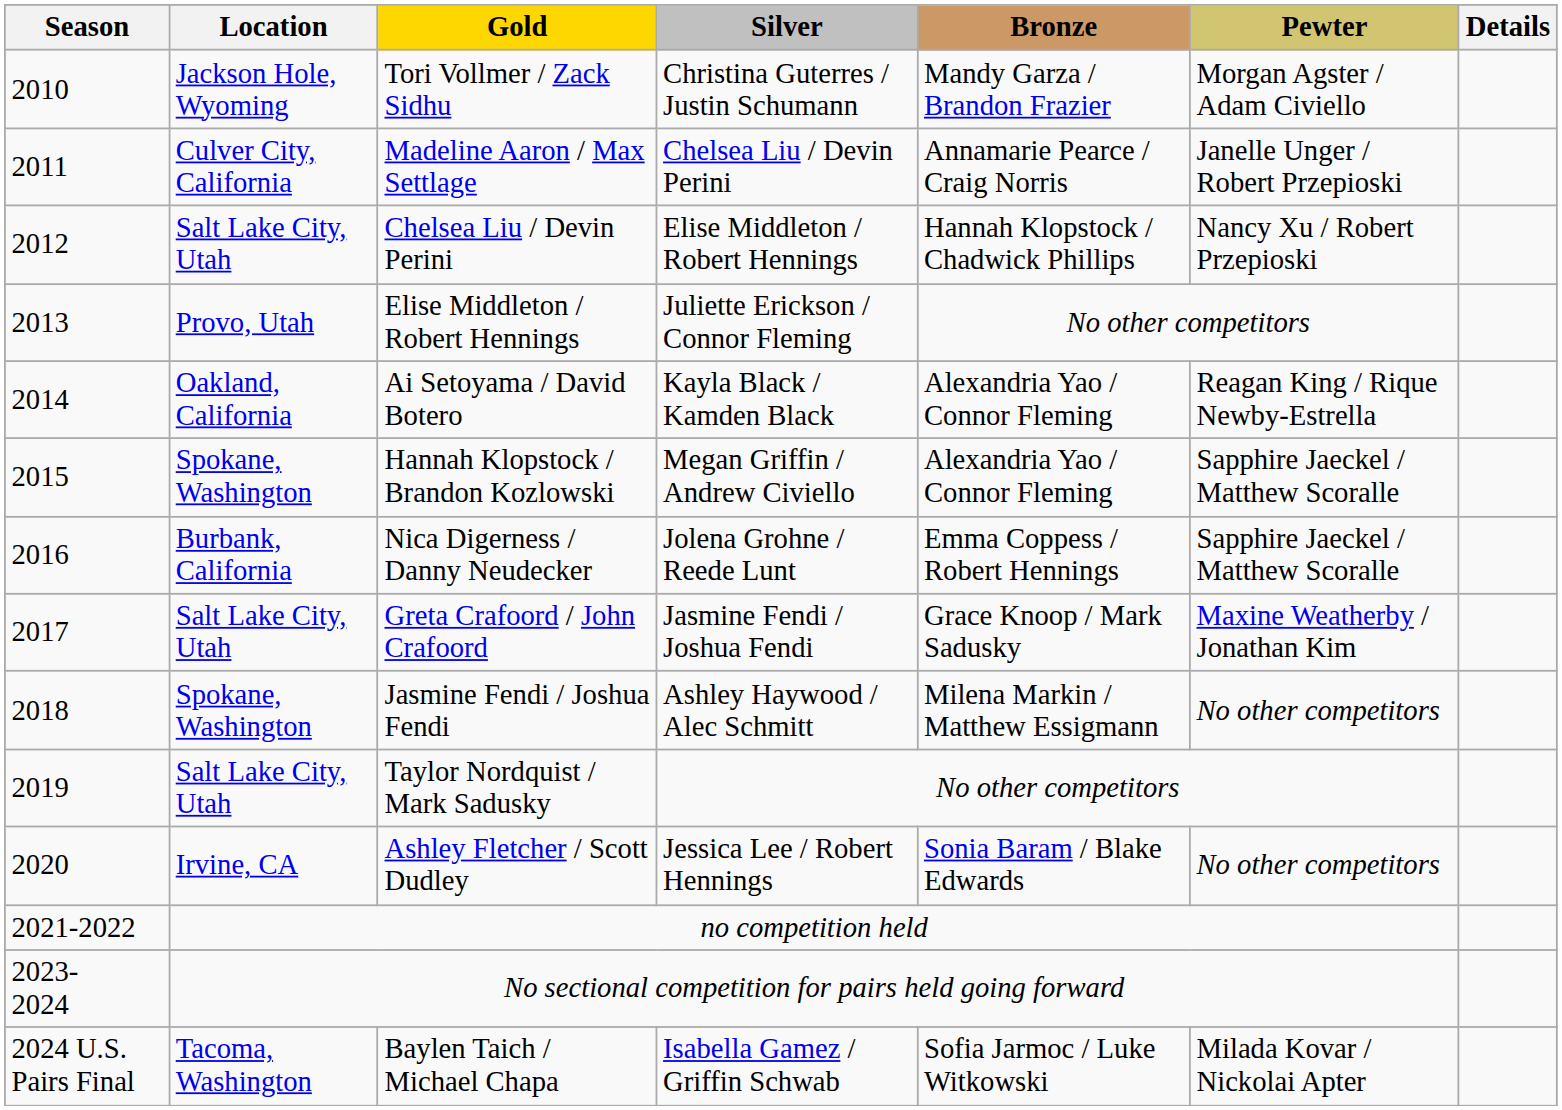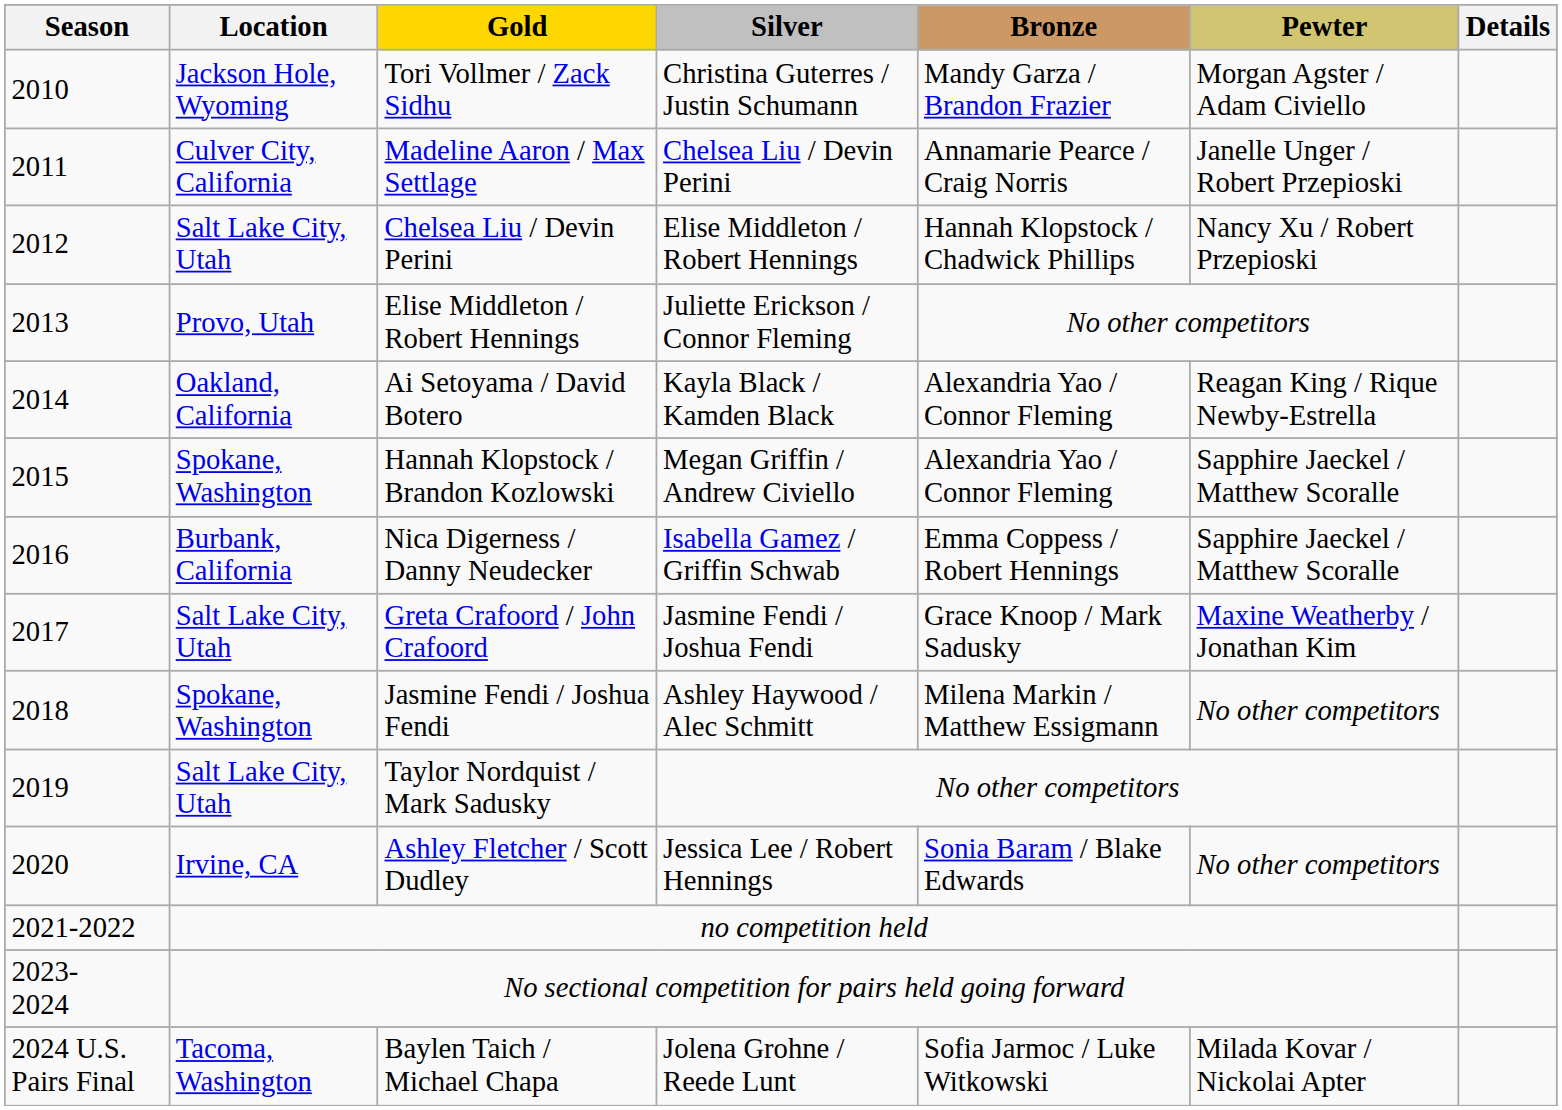 <table class="wikitable">
 <tr>
 <th>Season</th>
 <th>Location</th>
 <td align=center bgcolor=gold><strong>Gold</strong></td>
 <td align=center bgcolor=silver><strong>Silver</strong></td>
 <td align=center bgcolor=cc9966><strong>Bronze</strong></td>
 <td align=center bgcolor=d1c571><strong>Pewter</strong></td>
 <th>Details</th>
 </tr>
 <tr>
 <td>2010</td>
 <td><a href='#'>Jackson Hole, Wyoming</a></td>
 <td>Tori Vollmer / <a href='#'>Zack Sidhu</a></td>
 <td>Christina Guterres / Justin Schumann</td>
 <td>Mandy Garza / <a href='#'>Brandon Frazier</a></td>
 <td>Morgan Agster / Adam Civiello</td>
 <td></td>
 </tr>
 <tr>
 <td>2011</td>
 <td><a href='#'>Culver City, California</a></td>
 <td><a href='#'>Madeline Aaron</a> / <a href='#'>Max Settlage</a></td>
 <td><a href='#'>Chelsea Liu</a> / Devin Perini</td>
 <td>Annamarie Pearce / Craig Norris</td>
 <td>Janelle Unger / Robert Przepioski</td>
 <td></td>
 </tr>
 <tr>
 <td>2012</td>
 <td><a href='#'>Salt Lake City, Utah</a></td>
 <td><a href='#'>Chelsea Liu</a> / Devin Perini</td>
 <td>Elise Middleton / Robert Hennings</td>
 <td>Hannah Klopstock / Chadwick Phillips</td>
 <td>Nancy Xu / Robert Przepioski</td>
 <td></td>
 </tr>
 <tr>
 <td>2013</td>
 <td><a href='#'>Provo, Utah</a></td>
 <td>Elise Middleton / Robert Hennings</td>
 <td>Juliette Erickson / Connor Fleming</td>
 <td colspan="2" align=center><em>No other competitors</em></td>
 <td></td>
 </tr>
 <tr>
 <td>2014</td>
 <td><a href='#'>Oakland, California</a></td>
 <td>Ai Setoyama / David Botero</td>
 <td>Kayla Black / Kamden Black</td>
 <td>Alexandria Yao / Connor Fleming</td>
 <td>Reagan King / Rique Newby-Estrella</td>
 <td></td>
 </tr>
 <tr>
 <td>2015</td>
 <td><a href='#'>Spokane, Washington</a></td>
 <td>Hannah Klopstock / Brandon Kozlowski</td>
 <td>Megan Griffin / Andrew Civiello</td>
 <td>Alexandria Yao / Connor Fleming</td>
 <td>Sapphire Jaeckel / Matthew Scoralle</td>
 <td></td>
 </tr>
 <tr>
 <td>2016</td>
 <td><a href='#'>Burbank, California</a></td>
 <td>Nica Digerness / Danny Neudecker</td>
-<td>Jolena Grohne / Reede Lunt</td>
+<td><a href='#'>Isabella Gamez</a> / Griffin Schwab</td>
 <td>Emma Coppess / Robert Hennings</td>
 <td>Sapphire Jaeckel / Matthew Scoralle</td>
 <td></td>
 </tr>
 <tr>
 <td>2017</td>
 <td><a href='#'>Salt Lake City, Utah</a></td>
 <td><a href='#'>Greta Crafoord</a> / <a href='#'>John Crafoord</a></td>
 <td>Jasmine Fendi / Joshua Fendi</td>
 <td>Grace Knoop / Mark Sadusky</td>
 <td><a href='#'>Maxine Weatherby</a> / Jonathan Kim</td>
 <td></td>
 </tr>
 <tr>
 <td>2018</td>
 <td><a href='#'>Spokane, Washington</a></td>
 <td>Jasmine Fendi / Joshua Fendi</td>
 <td>Ashley Haywood / Alec Schmitt</td>
 <td>Milena Markin / Matthew Essigmann</td>
 <td><em>No other competitors</em></td>
 <td></td>
 </tr>
 <tr>
 <td>2019</td>
 <td><a href='#'>Salt Lake City, Utah</a></td>
 <td>Taylor Nordquist / Mark Sadusky</td>
 <td colspan="3" align=center><em>No other competitors</em></td>
 <td></td>
 </tr>
 <tr>
 <td>2020</td>
 <td><a href='#'>Irvine, CA</a></td>
 <td><a href='#'>Ashley Fletcher</a> / Scott Dudley</td>
 <td>Jessica Lee / Robert Hennings</td>
 <td><a href='#'>Sonia Baram</a> / Blake Edwards</td>
 <td><em>No other competitors</em></td>
 <td></td>
 </tr>
 <tr>
 <td>2021-2022</td>
 <td colspan="5" align="center"><em>no competition held</em></td>
 <td></td>
 </tr>
 <tr>
 <td>2023-<br>2024</td>
 <td colspan="5" align="center"><em>No sectional competition for pairs held going forward</em></td>
 <td></td>
 </tr>
 <tr>
 <td>2024 U.S. Pairs Final</td>
 <td><a href='#'>Tacoma, Washington</a></td>
 <td>Baylen Taich / Michael Chapa</td>
-<td><a href='#'>Isabella Gamez</a> / Griffin Schwab</td>
+<td>Jolena Grohne / Reede Lunt</td>
 <td>Sofia Jarmoc / Luke Witkowski</td>
 <td>Milada Kovar / Nickolai Apter</td>
 <td></td>
 </tr>
 </table>
